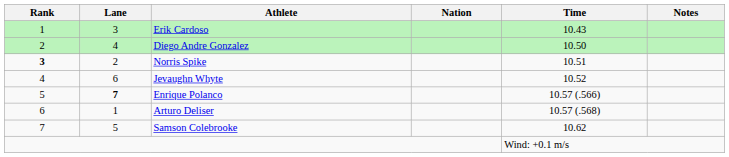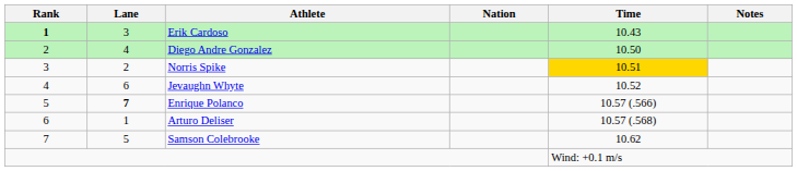 <table class="wikitable sortable" style="text-align:center;width: 70%;">
 <tr>
 <th scope="col">Rank</th>
 <th scope="col">Lane</th>
 <th scope="col">Athlete</th>
 <th scope="col">Nation</th>
 <th scope="col">Time</th>
 <th scope="col">Notes</th>
 </tr>
 <tr bgcolor="#bbf3bb">
-<td>1</td>
+<td><strong>1</strong></td>
 <td>3</td>
 <td align=left><a href='#'>Erik Cardoso</a></td>
 <td align=left></td>
 <td>10.43</td>
 <td></td>
 </tr>
 <tr bgcolor="#bbf3bb">
 <td>2</td>
 <td>4</td>
 <td align=left><a href='#'>Diego Andre Gonzalez</a></td>
 <td align=left></td>
 <td>10.50</td>
 <td></td>
 </tr>
 <tr>
-<td><strong>3</strong></td>
+<td>3</td>
 <td>2</td>
 <td align=left><a href='#'>Norris Spike</a></td>
 <td align=left></td>
-<td>10.51</td>
+<td style="background: gold;">10.51</td>
 <td></td>
 </tr>
 <tr>
 <td>4</td>
 <td>6</td>
 <td align=left><a href='#'>Jevaughn Whyte</a></td>
 <td align=left></td>
 <td>10.52</td>
 <td></td>
 </tr>
 <tr>
 <td>5</td>
 <td><strong>7</strong></td>
 <td align=left><a href='#'>Enrique Polanco</a></td>
 <td align=left></td>
 <td>10.57 (.566)</td>
 <td></td>
 </tr>
 <tr>
 <td>6</td>
 <td>1</td>
 <td align=left><a href='#'>Arturo Deliser</a></td>
 <td align=left></td>
 <td>10.57 (.568)</td>
 <td></td>
 </tr>
 <tr>
 <td>7</td>
 <td>5</td>
 <td align=left><a href='#'>Samson Colebrooke</a></td>
 <td align=left></td>
 <td>10.62</td>
 <td></td>
 </tr>
 <tr class="sortbottom">
 <td colspan="4"></td>
 <td colspan="2" style="text-align:left;">Wind: +0.1 m/s</td>
 </tr>
 </table>
